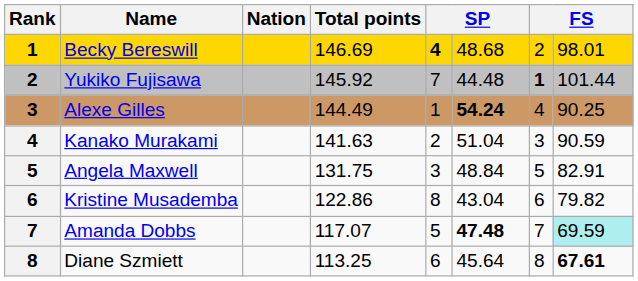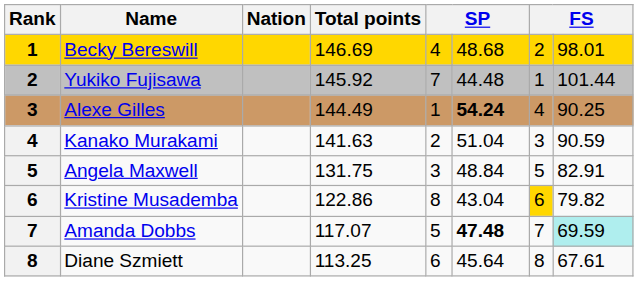 <table class="wikitable">
 <tr>
 <th>Rank</th>
 <th>Name</th>
 <th>Nation</th>
 <th>Total points</th>
 <th colspan="2" width="80px"><a href='#'>SP</a></th>
 <th colspan="2" width="80px"><a href='#'>FS</a></th>
 </tr>
 <tr bgcolor="gold">
 <td align="center"><strong>1</strong></td>
 <td><a href='#'>Becky Bereswill</a></td>
 <td></td>
 <td>146.69</td>
-<td><strong>4</strong></td>
+<td>4</td>
 <td>48.68</td>
 <td>2</td>
 <td>98.01</td>
 </tr>
 <tr bgcolor="silver">
 <td align="center"><strong>2</strong></td>
 <td><a href='#'>Yukiko Fujisawa</a></td>
 <td></td>
 <td>145.92</td>
 <td>7</td>
 <td>44.48</td>
-<td><strong>1</strong></td>
+<td>1</td>
 <td>101.44</td>
 </tr>
 <tr bgcolor="cc9966">
 <td align="center"><strong>3</strong></td>
 <td><a href='#'>Alexe Gilles</a></td>
 <td></td>
 <td>144.49</td>
 <td>1</td>
 <td><strong>54.24</strong></td>
 <td>4</td>
 <td>90.25</td>
 </tr>
 <tr>
 <th>4</th>
 <td><a href='#'>Kanako Murakami</a></td>
 <td></td>
 <td>141.63</td>
 <td>2</td>
 <td>51.04</td>
 <td>3</td>
 <td>90.59</td>
 </tr>
 <tr>
 <th>5</th>
 <td><a href='#'>Angela Maxwell</a></td>
 <td></td>
 <td>131.75</td>
 <td>3</td>
 <td>48.84</td>
 <td>5</td>
 <td>82.91</td>
 </tr>
 <tr>
 <th>6</th>
 <td><a href='#'>Kristine Musademba</a></td>
 <td></td>
 <td>122.86</td>
 <td>8</td>
 <td>43.04</td>
-<td>6</td>
+<td style="background: gold;">6</td>
 <td>79.82</td>
 </tr>
 <tr>
 <th>7</th>
 <td><a href='#'>Amanda Dobbs</a></td>
 <td></td>
 <td>117.07</td>
 <td>5</td>
 <td><strong>47.48</strong></td>
 <td>7</td>
 <td style="background: paleturquoise;">69.59</td>
 </tr>
 <tr>
 <th>8</th>
 <td>Diane Szmiett</td>
 <td></td>
 <td>113.25</td>
 <td>6</td>
 <td>45.64</td>
 <td>8</td>
-<td><strong>67.61</strong></td>
+<td>67.61</td>
 </tr>
 </table>
